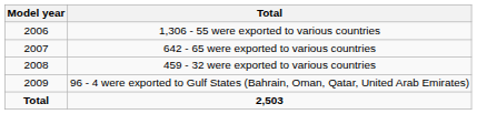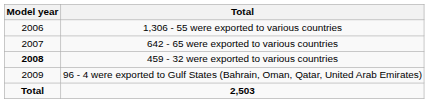 <table class="wikitable sortable" style="text-align: center;">
 <tr>
 <th>Model year</th>
 <th>Total</th>
 </tr>
 <tr>
 <td>2006</td>
 <td>1,306 - 55 were exported to various countries</td>
 </tr>
 <tr>
 <td>2007</td>
 <td>642 - 65 were exported to various countries</td>
 </tr>
 <tr>
-<td>2008</td>
+<td><strong>2008</strong></td>
 <td>459 - 32 were exported to various countries</td>
 </tr>
 <tr>
 <td>2009</td>
 <td>96 - 4 were exported to Gulf States (Bahrain, Oman, Qatar, United Arab Emirates)</td>
 </tr>
 <tr>
 <td><strong>Total</strong></td>
 <td><strong>2,503</strong></td>
 </tr>
 </table>
